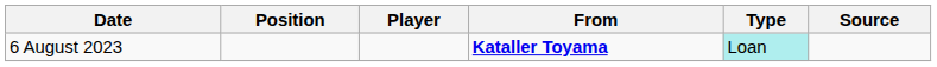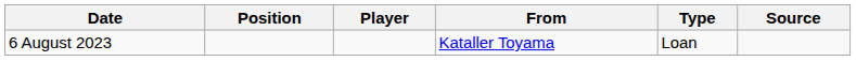 <table class="wikitable sortable" style="width:90%; text-align:center; font-size:95%; text-align:left;">
 <tr>
 <th>Date</th>
 <th>Position</th>
 <th>Player</th>
 <th>From</th>
 <th>Type</th>
 <th>Source</th>
 </tr>
 <tr>
 <td>6 August 2023</td>
 <td></td>
 <td></td>
-<td><strong> <a href='#'>Kataller Toyama</a></strong></td>
-<td style="background: paleturquoise;">Loan</td>
+<td> <a href='#'>Kataller Toyama</a></td>
+<td>Loan</td>
 <td></td>
 </tr>
 <tr>
 </tr>
 </table>
